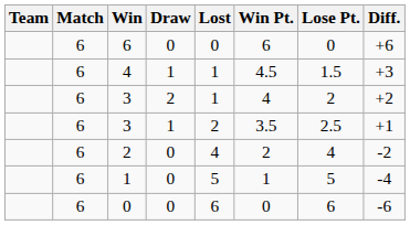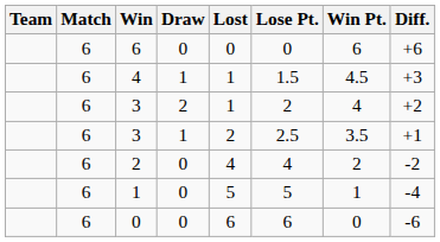 <table class="wikitable sortable static-row-numbers" style="text-align:center;">
 <tr>
 <th>Team</th>
 <th>Match</th>
 <th>Win</th>
 <th>Draw</th>
 <th>Lost</th>
+<th>Lose Pt.</th>
 <th>Win Pt.</th>
-<th>Lose Pt.</th>
 <th>Diff.</th>
 </tr>
 <tr>
 <td align="left"></td>
 <td>6</td>
 <td>6</td>
 <td>0</td>
 <td>0</td>
+<td>0</td>
 <td>6</td>
-<td>0</td>
 <td>+6</td>
 </tr>
 <tr>
 <td align="left"></td>
 <td>6</td>
 <td>4</td>
 <td>1</td>
 <td>1</td>
+<td>1.5</td>
 <td>4.5</td>
-<td>1.5</td>
 <td>+3</td>
 </tr>
 <tr>
 <td align="left"></td>
 <td>6</td>
 <td>3</td>
 <td>2</td>
 <td>1</td>
+<td>2</td>
 <td>4</td>
-<td>2</td>
 <td>+2</td>
 </tr>
 <tr>
 <td align="left"></td>
 <td>6</td>
 <td>3</td>
 <td>1</td>
 <td>2</td>
+<td>2.5</td>
 <td>3.5</td>
-<td>2.5</td>
 <td>+1</td>
 </tr>
 <tr>
 <td align="left"></td>
 <td>6</td>
 <td>2</td>
 <td>0</td>
 <td>4</td>
+<td>4</td>
 <td>2</td>
-<td>4</td>
 <td>-2</td>
 </tr>
 <tr>
 <td align="left"></td>
 <td>6</td>
 <td>1</td>
 <td>0</td>
 <td>5</td>
+<td>5</td>
 <td>1</td>
-<td>5</td>
 <td>-4</td>
 </tr>
 <tr>
 <td align="left"></td>
 <td>6</td>
 <td>0</td>
 <td>0</td>
 <td>6</td>
+<td>6</td>
 <td>0</td>
-<td>6</td>
 <td>-6</td>
 </tr>
 </table>
